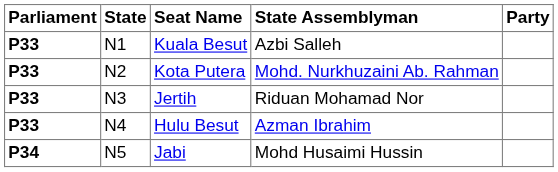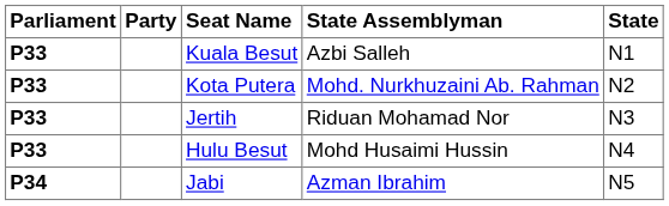 <table class="toccolours sortable" border="1" cellpadding="3" style="border-collapse:collapse; text-align: left;">
 <tr>
 <th align="center">Parliament</th>
-<th>State</th>
+<th>Party</th>
 <th>Seat Name</th>
 <th>State Assemblyman</th>
-<th>Party</th>
+<th>State</th>
 </tr>
 <tr>
 <th align="left">P33</th>
-<td>N1</td>
+<td></td>
 <td><a href='#'>Kuala Besut</a></td>
 <td>Azbi Salleh</td>
-<td></td>
+<td>N1</td>
 </tr>
 <tr>
 <th align="left">P33</th>
-<td>N2</td>
+<td></td>
 <td><a href='#'>Kota Putera</a></td>
 <td><a href='#'>Mohd. Nurkhuzaini Ab. Rahman</a></td>
-<td></td>
+<td>N2</td>
 </tr>
 <tr>
 <th align="left">P33</th>
-<td>N3</td>
+<td></td>
 <td><a href='#'>Jertih</a></td>
 <td>Riduan Mohamad Nor</td>
-<td></td>
+<td>N3</td>
 </tr>
 <tr>
 <th align="left">P33</th>
+<td></td>
+<td><a href='#'>Hulu Besut</a></td>
+<td>Mohd Husaimi Hussin</td>
 <td>N4</td>
-<td><a href='#'>Hulu Besut</a></td>
-<td><a href='#'>Azman Ibrahim</a></td>
-<td></td>
 </tr>
 <tr>
 <th align="left">P34</th>
+<td></td>
+<td><a href='#'>Jabi</a></td>
+<td><a href='#'>Azman Ibrahim</a></td>
 <td>N5</td>
-<td><a href='#'>Jabi</a></td>
-<td>Mohd Husaimi Hussin</td>
-<td></td>
 </tr>
 </table>
